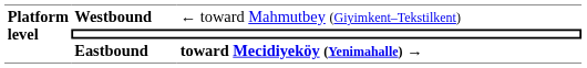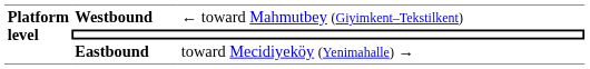 <table cellpadding="3" cellspacing="0" border="0">
 <tr>
 <td rowspan="3" width="50" style="border-top-color: gray; border-bottom-color: gray; border-top-width: 1px; border-bottom-width: 1px; border-top-style: solid; border-bottom-style: solid;" valign="top"><strong>Platform level</strong></td>
 <td width="100" style="border-top-color: gray; border-top-width: 1px; border-top-style: solid;"><strong>Westbound</strong></td>
 <td width="400" style="border-top-color: gray; border-top-width: 1px; border-top-style: solid;">←  toward <a href='#'>Mahmutbey</a> <small>(<a href='#'>Giyimkent–Tekstilkent</a>)</small></td>
 </tr>
 <tr>
 <td colspan="2" style="border: 2px solid black; border-image: none; text-align: center;"></td>
 </tr>
 <tr>
 <td style="border-bottom-color: gray; border-bottom-width: 1px; border-bottom-style: solid;"><strong>Eastbound</strong></td>
-<td style="border-bottom-color: gray; border-bottom-width: 1px; border-bottom-style: solid;"><strong> toward <a href='#'>Mecidiyeköy</a> <small>(<a href='#'>Yenimahalle</a>)</small> →</strong></td>
+<td style="border-bottom-color: gray; border-bottom-width: 1px; border-bottom-style: solid;"> toward <a href='#'>Mecidiyeköy</a> <small>(<a href='#'>Yenimahalle</a>)</small> →</td>
 </tr>
 </table>
